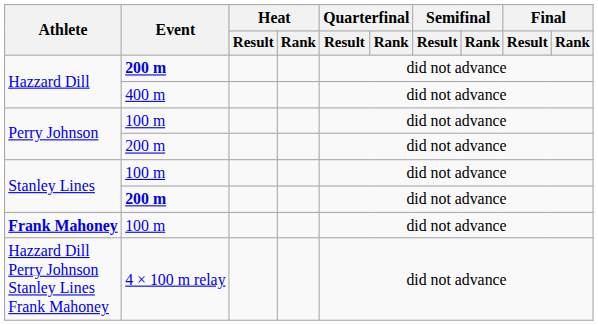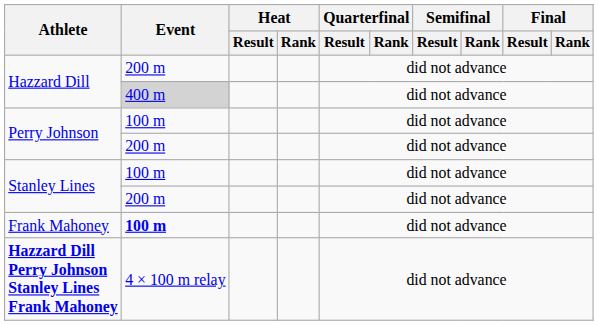 <table class="wikitable" style="font-size:90%">
 <tr>
 <th rowspan="2">Athlete</th>
 <th rowspan="2">Event</th>
 <th colspan="2">Heat</th>
 <th colspan="2">Quarterfinal</th>
 <th colspan="2">Semifinal</th>
 <th colspan="2">Final</th>
 </tr>
 <tr style="font-size:95%">
 <th>Result</th>
 <th>Rank</th>
 <th>Result</th>
 <th>Rank</th>
 <th>Result</th>
 <th>Rank</th>
 <th>Result</th>
 <th>Rank</th>
 </tr>
 <tr align=center>
 <td align=left rowspan=2><a href='#'>Hazzard Dill</a></td>
-<td align=left><strong><a href='#'>200 m</a></strong></td>
+<td align=left><a href='#'>200 m</a></td>
 <td></td>
 <td></td>
 <td colspan=6>did not advance</td>
 </tr>
 <tr align=center>
-<td align=left><a href='#'>400 m</a></td>
+<td align=left style="background: lightgrey;"><a href='#'>400 m</a></td>
 <td></td>
 <td></td>
 <td colspan=6>did not advance</td>
 </tr>
 <tr align=center>
 <td align=left rowspan=2><a href='#'>Perry Johnson</a></td>
 <td align=left><a href='#'>100 m</a></td>
 <td></td>
 <td></td>
 <td colspan=6>did not advance</td>
 </tr>
 <tr align=center>
 <td align=left><a href='#'>200 m</a></td>
 <td></td>
 <td></td>
 <td colspan=6>did not advance</td>
 </tr>
 <tr align=center>
 <td align=left rowspan=2><a href='#'>Stanley Lines</a></td>
 <td align=left><a href='#'>100 m</a></td>
 <td></td>
 <td></td>
 <td colspan=6>did not advance</td>
 </tr>
 <tr align=center>
-<td align=left><strong><a href='#'>200 m</a></strong></td>
+<td align=left><a href='#'>200 m</a></td>
 <td></td>
 <td></td>
 <td colspan=6>did not advance</td>
 </tr>
 <tr align=center>
-<td align=left><strong><a href='#'>Frank Mahoney</a></strong></td>
-<td align=left><a href='#'>100 m</a></td>
+<td align=left><a href='#'>Frank Mahoney</a></td>
+<td align=left><strong><a href='#'>100 m</a></strong></td>
 <td></td>
 <td></td>
 <td colspan=6>did not advance</td>
 </tr>
 <tr align=center>
-<td align=left><a href='#'>Hazzard Dill</a> <br><a href='#'>Perry Johnson</a> <br><a href='#'>Stanley Lines</a> <br><a href='#'>Frank Mahoney</a></td>
+<td align=left><strong><a href='#'>Hazzard Dill</a> <br><a href='#'>Perry Johnson</a> <br><a href='#'>Stanley Lines</a> <br><a href='#'>Frank Mahoney</a></strong></td>
 <td align=left><a href='#'>4 × 100 m relay</a></td>
 <td></td>
 <td></td>
 <td colspan=6>did not advance</td>
 </tr>
 </table>
